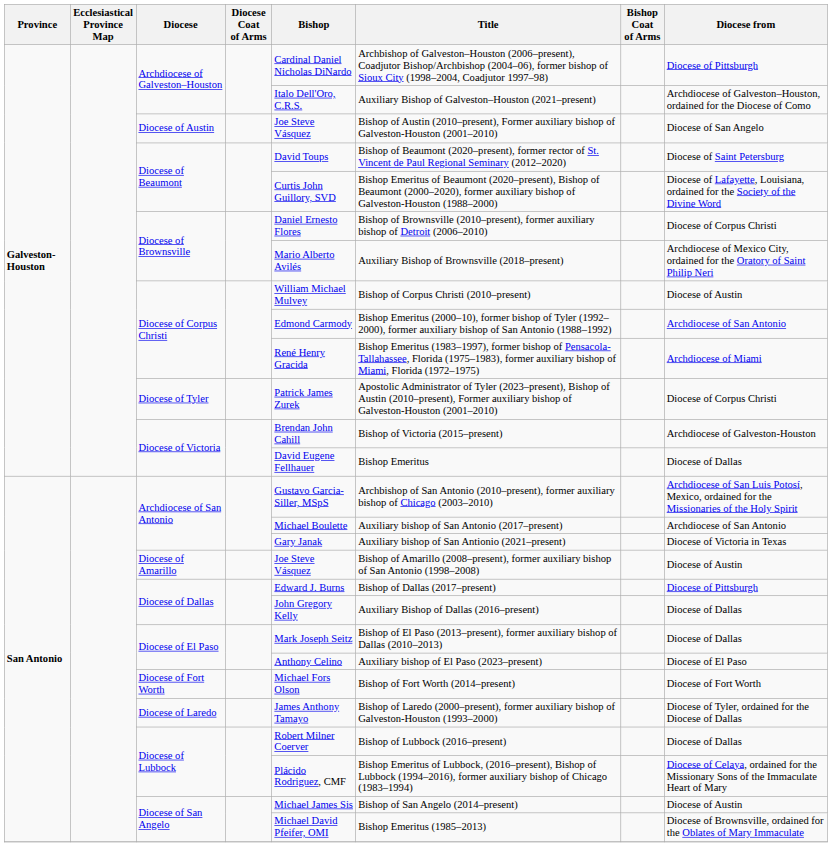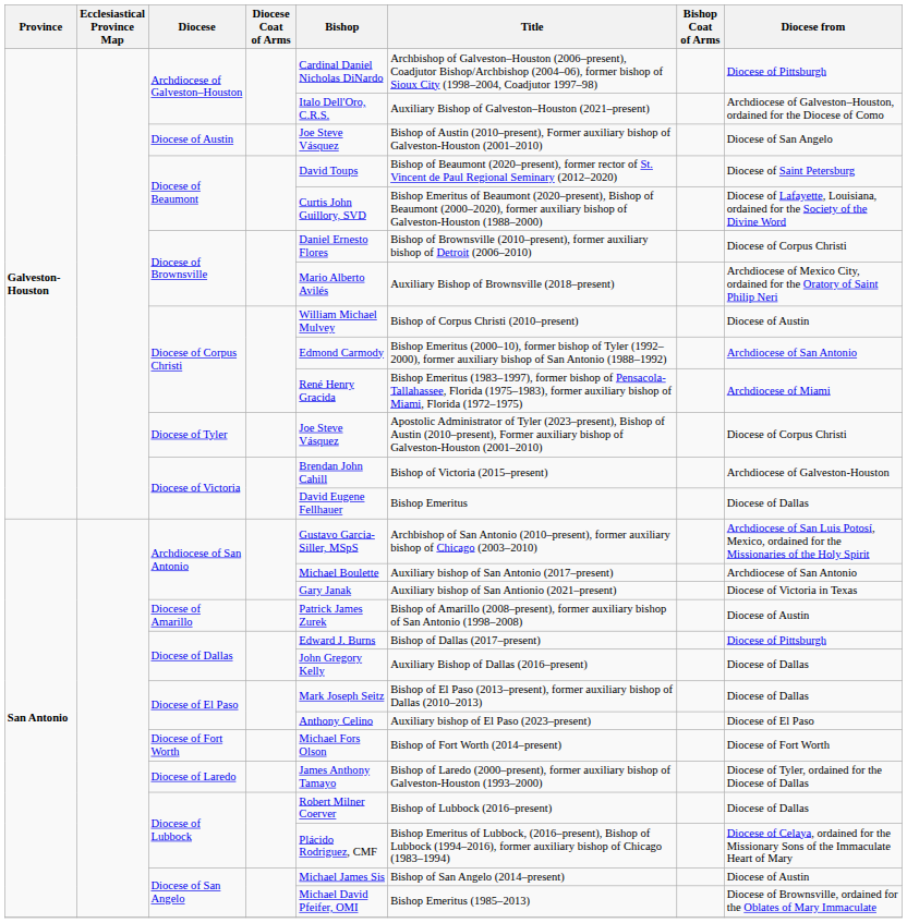 <table class="wikitable sortable">
 <tr>
 <th>Province</th>
 <th class=unsortable>Ecclesiastical<br> Province Map</th>
 <th>Diocese</th>
 <th class=unsortable>Diocese Coat<br>of Arms</th>
 <th>Bishop</th>
 <th>Title</th>
 <th class=unsortable>Bishop Coat<br>of Arms</th>
 <th>Diocese from</th>
 </tr>
 <tr>
 <td rowspan="13"><strong>Galveston-Houston</strong></td>
 <td rowspan="13"></td>
 <td rowspan="2"><a href='#'>Archdiocese of Galveston–Houston</a></td>
 <td rowspan="2"></td>
 <td><a href='#'>Cardinal Daniel Nicholas DiNardo</a></td>
 <td>Archbishop of Galveston–Houston (2006–present),<br>Coadjutor Bishop/Archbishop (2004–06), former bishop of <a href='#'>Sioux City</a> (1998–2004, Coadjutor 1997–98)</td>
 <td></td>
 <td><a href='#'>Diocese of Pittsburgh</a></td>
 </tr>
 <tr>
 <td><a href='#'>Italo Dell'Oro, C.R.S.</a></td>
 <td>Auxiliary Bishop of Galveston–Houston (2021–present)</td>
 <td></td>
 <td>Archdiocese of Galveston–Houston, ordained for the Diocese of Como</td>
 </tr>
 <tr>
 <td><a href='#'>Diocese of Austin</a></td>
 <td></td>
 <td><a href='#'>Joe Steve Vásquez</a></td>
 <td>Bishop of Austin (2010–present), Former auxiliary bishop of Galveston-Houston (2001–2010)</td>
 <td></td>
 <td>Diocese of San Angelo</td>
 </tr>
 <tr>
 <td rowspan="2"><a href='#'>Diocese of Beaumont</a></td>
 <td rowspan="2"></td>
 <td><a href='#'>David Toups</a></td>
 <td>Bishop of Beaumont (2020–present), former rector of <a href='#'>St. Vincent de Paul Regional Seminary</a> (2012–2020)</td>
 <td></td>
 <td>Diocese of <a href='#'>Saint Petersburg</a></td>
 </tr>
 <tr>
 <td><a href='#'>Curtis John Guillory, SVD</a></td>
 <td>Bishop Emeritus of Beaumont (2020–present), Bishop of Beaumont (2000–2020), former auxiliary bishop of Galveston-Houston (1988–2000)</td>
 <td></td>
 <td>Diocese of <a href='#'>Lafayette</a>, Louisiana, ordained for the <a href='#'>Society of the Divine Word</a></td>
 </tr>
 <tr>
 <td rowspan="2"><a href='#'>Diocese of Brownsville</a></td>
 <td rowspan="2"></td>
 <td><a href='#'>Daniel Ernesto Flores</a></td>
 <td>Bishop of Brownsville (2010–present), former auxiliary bishop of <a href='#'>Detroit</a> (2006–2010)</td>
 <td></td>
 <td>Diocese of Corpus Christi</td>
 </tr>
 <tr>
 <td><a href='#'>Mario Alberto Avilés</a></td>
 <td>Auxiliary Bishop of Brownsville (2018–present)</td>
 <td></td>
 <td>Archdiocese of Mexico City, ordained for the <a href='#'>Oratory of Saint Philip Neri</a></td>
 </tr>
 <tr>
 <td rowspan="3"><a href='#'>Diocese of Corpus Christi</a></td>
 <td rowspan="3"></td>
 <td><a href='#'>William Michael Mulvey</a></td>
 <td>Bishop of Corpus Christi (2010–present)</td>
 <td></td>
 <td>Diocese of Austin</td>
 </tr>
 <tr>
 <td><a href='#'>Edmond Carmody</a></td>
 <td>Bishop Emeritus (2000–10), former bishop of Tyler (1992–2000), former auxiliary bishop of San Antonio (1988–1992)</td>
 <td></td>
 <td><a href='#'>Archdiocese of San Antonio</a></td>
 </tr>
 <tr>
 <td><a href='#'>René Henry Gracida</a></td>
 <td>Bishop Emeritus (1983–1997), former bishop of <a href='#'>Pensacola-Tallahassee</a>, Florida (1975–1983), former auxiliary bishop of <a href='#'>Miami</a>, Florida (1972–1975)</td>
 <td></td>
 <td><a href='#'>Archdiocese of Miami</a></td>
 </tr>
 <tr>
 <td><a href='#'>Diocese of Tyler</a></td>
 <td></td>
-<td><a href='#'>Patrick James Zurek</a></td>
+<td><a href='#'>Joe Steve Vásquez</a></td>
 <td>Apostolic Administrator of Tyler (2023–present), Bishop of Austin (2010–present), Former auxiliary bishop of Galveston-Houston (2001–2010)</td>
 <td></td>
 <td>Diocese of Corpus Christi</td>
 </tr>
 <tr>
 <td rowspan="2"><a href='#'>Diocese of Victoria</a></td>
 <td rowspan="2"></td>
 <td><a href='#'>Brendan John Cahill</a></td>
 <td>Bishop of Victoria (2015–present)</td>
 <td></td>
 <td>Archdiocese of Galveston-Houston</td>
 </tr>
 <tr>
 <td><a href='#'>David Eugene Fellhauer</a></td>
 <td>Bishop Emeritus</td>
 <td></td>
 <td>Diocese of Dallas</td>
 </tr>
 <tr>
 <td rowspan="14"><strong>San Antonio</strong></td>
 <td rowspan="14"></td>
 <td rowspan="3"><a href='#'>Archdiocese of San Antonio</a></td>
 <td rowspan="3"></td>
 <td><a href='#'>Gustavo Garcia-Siller, MSpS</a></td>
 <td>Archbishop of San Antonio (2010–present), former auxiliary bishop of <a href='#'>Chicago</a> (2003–2010)</td>
 <td></td>
 <td><a href='#'>Archdiocese of San Luis Potosí</a>, Mexico, ordained for the <a href='#'>Missionaries of the Holy Spirit</a></td>
 </tr>
 <tr>
 <td><a href='#'>Michael Boulette</a></td>
 <td>Auxiliary bishop of San Antonio (2017–present)</td>
 <td></td>
 <td>Archdiocese of San Antonio</td>
 </tr>
 <tr>
 <td><a href='#'>Gary Janak</a></td>
 <td>Auxiliary bishop of San Antionio (2021–present)</td>
 <td></td>
 <td>Diocese of Victoria in Texas</td>
 </tr>
 <tr>
 <td><a href='#'>Diocese of Amarillo</a></td>
 <td></td>
-<td><a href='#'>Joe Steve Vásquez</a></td>
+<td><a href='#'>Patrick James Zurek</a></td>
 <td>Bishop of Amarillo (2008–present), former auxiliary bishop of San Antonio (1998–2008)</td>
 <td></td>
 <td>Diocese of Austin</td>
 </tr>
 <tr>
 <td rowspan="2"><a href='#'>Diocese of Dallas</a></td>
 <td rowspan="2"></td>
 <td><a href='#'>Edward J. Burns</a></td>
 <td>Bishop of Dallas (2017–present)</td>
 <td></td>
 <td><a href='#'>Diocese of Pittsburgh</a></td>
 </tr>
 <tr>
 <td><a href='#'>John Gregory Kelly</a></td>
 <td>Auxiliary Bishop of Dallas (2016–present)</td>
 <td></td>
 <td>Diocese of Dallas</td>
 </tr>
 <tr>
 <td rowspan="2"><a href='#'>Diocese of El Paso</a></td>
 <td rowspan="2"></td>
 <td><a href='#'>Mark Joseph Seitz</a></td>
 <td>Bishop of El Paso (2013–present), former auxiliary bishop of Dallas (2010–2013)</td>
 <td></td>
 <td>Diocese of Dallas</td>
 </tr>
 <tr>
 <td><a href='#'>Anthony Celino</a></td>
 <td>Auxiliary bishop of El Paso (2023–present)</td>
 <td></td>
 <td>Diocese of El Paso</td>
 </tr>
 <tr>
 <td><a href='#'>Diocese of Fort Worth</a></td>
 <td></td>
 <td><a href='#'>Michael Fors Olson</a></td>
 <td>Bishop of Fort Worth (2014–present)</td>
 <td></td>
 <td>Diocese of Fort Worth</td>
 </tr>
 <tr>
 <td><a href='#'>Diocese of Laredo</a></td>
 <td></td>
 <td><a href='#'>James Anthony Tamayo</a></td>
 <td>Bishop of Laredo (2000–present), former auxiliary bishop of Galveston-Houston (1993–2000)</td>
 <td></td>
 <td>Diocese of Tyler, ordained for the Diocese of Dallas</td>
 </tr>
 <tr>
 <td rowspan="2"><a href='#'>Diocese of Lubbock</a></td>
 <td rowspan="2"></td>
 <td><a href='#'>Robert Milner Coerver</a></td>
 <td>Bishop of Lubbock (2016–present)</td>
 <td></td>
 <td>Diocese of Dallas</td>
 </tr>
 <tr>
 <td><a href='#'>Plácido Rodriguez</a>, CMF</td>
 <td>Bishop Emeritus of Lubbock, (2016–present), Bishop of Lubbock (1994–2016), former auxiliary bishop of Chicago (1983–1994)</td>
 <td></td>
 <td><a href='#'>Diocese of Celaya</a>, ordained for the Missionary Sons of the Immaculate Heart of Mary</td>
 </tr>
 <tr>
 <td rowspan="2"><a href='#'>Diocese of San Angelo</a></td>
 <td rowspan="2"></td>
 <td><a href='#'>Michael James Sis</a></td>
 <td>Bishop of San Angelo (2014–present)</td>
 <td></td>
 <td>Diocese of Austin</td>
 </tr>
 <tr>
 <td><a href='#'>Michael David Pfeifer, OMI</a></td>
 <td>Bishop Emeritus (1985–2013)</td>
 <td></td>
 <td>Diocese of Brownsville, ordained for the <a href='#'>Oblates of Mary Immaculate</a></td>
 </tr>
 <tr>
 </tr>
 </table>
